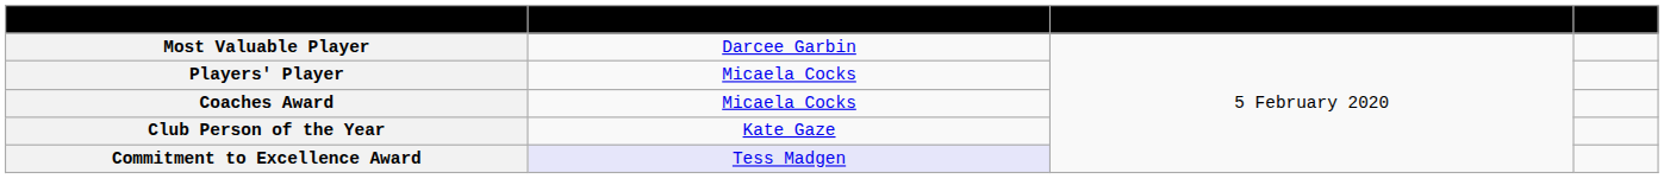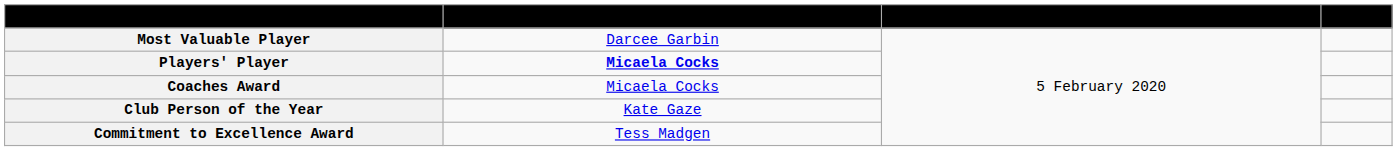 <table class="wikitable sortable sortable" style="text-align: center">
 <tr>
 <th style="background:black" width="10%"><span>Award</span></th>
 <th style="background:black" width="10%"><span>Recipient</span></th>
 <th style="background:black" width="10%"><span>Date</span></th>
 <th style="background:black" width="1%" class="unsortable"><span>Ref.</span></th>
 </tr>
 <tr>
 <th rowspan=1>Most Valuable Player</th>
 <td><a href='#'>Darcee Garbin</a></td>
 <td rowspan=5>5 February 2020</td>
 <td rowspan=1></td>
 </tr>
 <tr>
 <th rowspan=1>Players' Player</th>
-<td><a href='#'>Micaela Cocks</a></td>
+<td><strong><a href='#'>Micaela Cocks</a></strong></td>
 <td rowspan=1></td>
 </tr>
 <tr>
 <th rowspan=1>Coaches Award</th>
 <td><a href='#'>Micaela Cocks</a></td>
 <td rowspan=1></td>
 </tr>
 <tr>
 <th rowspan=1>Club Person of the Year</th>
 <td><a href='#'>Kate Gaze</a></td>
 <td rowspan=1></td>
 </tr>
 <tr>
 <th rowspan=1>Commitment to Excellence Award</th>
-<td style="background: lavender;"><a href='#'>Tess Madgen</a></td>
+<td><a href='#'>Tess Madgen</a></td>
 <td rowspan=1></td>
 </tr>
 </table>
